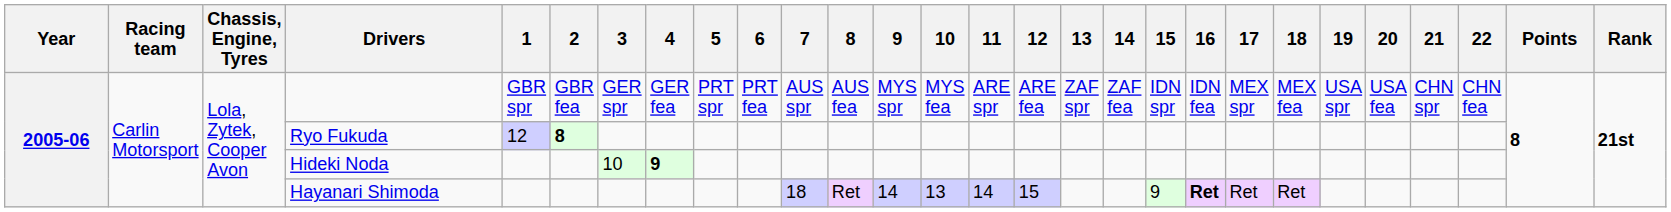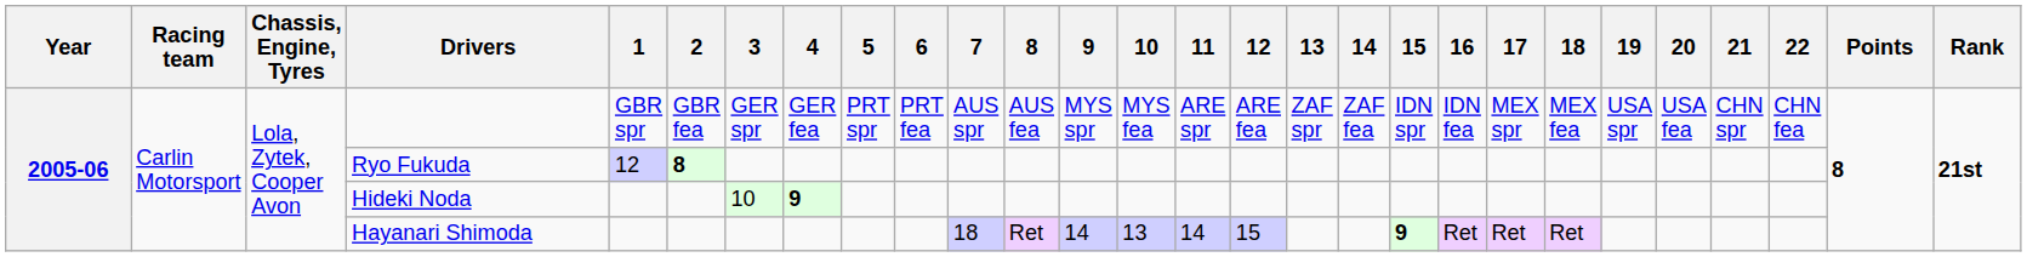 <table class="wikitable" style="font-size: 85%">
 <tr>
 <th>Year</th>
 <th width="4%">Racing<br>team</th>
 <th width="4%">Chassis,<br>Engine,<br>Tyres</th>
 <th>Drivers</th>
 <th width="2%">1</th>
 <th width="2%">2</th>
 <th width="2%">3</th>
 <th width="2%">4</th>
 <th width="2%">5</th>
 <th width="2%">6</th>
 <th width="2%">7</th>
 <th width="2%">8</th>
 <th width="2%">9</th>
 <th width="2%">10</th>
 <th width="2%">11</th>
 <th width="2%">12</th>
 <th width="2%">13</th>
 <th width="2%">14</th>
 <th width="2%">15</th>
 <th width="2%">16</th>
 <th width="2%">17</th>
 <th width="2%">18</th>
 <th width="2%">19</th>
 <th width="2%">20</th>
 <th width="2%">21</th>
 <th width="2%">22</th>
 <th>Points</th>
 <th>Rank</th>
 </tr>
 <tr>
 <th rowspan=4><a href='#'>2005-06</a></th>
 <td rowspan=4><a href='#'>Carlin Motorsport</a></td>
 <td rowspan=4><a href='#'>Lola</a>,<br><a href='#'>Zytek</a>,<br><a href='#'>Cooper Avon</a></td>
 <td></td>
 <td><a href='#'>GBR spr</a></td>
 <td><a href='#'>GBR fea</a></td>
 <td><a href='#'>GER spr</a></td>
 <td><a href='#'>GER fea</a></td>
 <td><a href='#'>PRT spr</a></td>
 <td><a href='#'>PRT fea</a></td>
 <td><a href='#'>AUS spr</a></td>
 <td><a href='#'>AUS fea</a></td>
 <td><a href='#'>MYS spr</a></td>
 <td><a href='#'>MYS fea</a></td>
 <td><a href='#'>ARE spr</a></td>
 <td><a href='#'>ARE fea</a></td>
 <td><a href='#'>ZAF spr</a></td>
 <td><a href='#'>ZAF fea</a></td>
 <td><a href='#'>IDN spr</a></td>
 <td><a href='#'>IDN fea</a></td>
 <td><a href='#'>MEX spr</a></td>
 <td><a href='#'>MEX fea</a></td>
 <td><a href='#'>USA spr</a></td>
 <td><a href='#'>USA fea</a></td>
 <td><a href='#'>CHN spr</a></td>
 <td><a href='#'>CHN fea</a></td>
 <td rowspan=4><strong>8</strong></td>
 <td rowspan=4><strong>21st</strong></td>
 </tr>
 <tr>
 <td><a href='#'>Ryo Fukuda</a></td>
 <td style="background:#CFCFFF;">12</td>
 <td style="background:#DFFFDF;"><strong>8</strong></td>
 <td></td>
 <td></td>
 <td></td>
 <td></td>
 <td></td>
 <td></td>
 <td></td>
 <td></td>
 <td></td>
 <td></td>
 <td></td>
 <td></td>
 <td></td>
 <td></td>
 <td></td>
 <td></td>
 <td></td>
 <td></td>
 <td></td>
 <td></td>
 </tr>
 <tr>
 <td><a href='#'>Hideki Noda</a></td>
 <td></td>
 <td></td>
 <td style="background:#DFFFDF;">10</td>
 <td style="background:#DFFFDF;"><strong>9</strong></td>
 <td></td>
 <td></td>
 <td></td>
 <td></td>
 <td></td>
 <td></td>
 <td></td>
 <td></td>
 <td></td>
 <td></td>
 <td></td>
 <td></td>
 <td></td>
 <td></td>
 <td></td>
 <td></td>
 <td></td>
 <td></td>
 </tr>
 <tr>
 <td><a href='#'>Hayanari Shimoda</a></td>
 <td></td>
 <td></td>
 <td></td>
 <td></td>
 <td></td>
 <td></td>
 <td style="background:#CFCFFF;">18</td>
 <td style="background:#EFCFFF;">Ret</td>
 <td style="background:#CFCFFF;">14</td>
 <td style="background:#CFCFFF;">13</td>
 <td style="background:#CFCFFF;">14</td>
 <td style="background:#CFCFFF;">15</td>
 <td></td>
 <td></td>
-<td style="background:#DFFFDF;">9</td>
-<td style="background:#EFCFFF;"><strong>Ret</strong></td>
+<td style="background:#DFFFDF;"><strong>9</strong></td>
+<td style="background:#EFCFFF;">Ret</td>
 <td style="background:#EFCFFF;">Ret</td>
 <td style="background:#EFCFFF;">Ret</td>
 <td></td>
 <td></td>
 <td></td>
 <td></td>
 </tr>
 </table>
